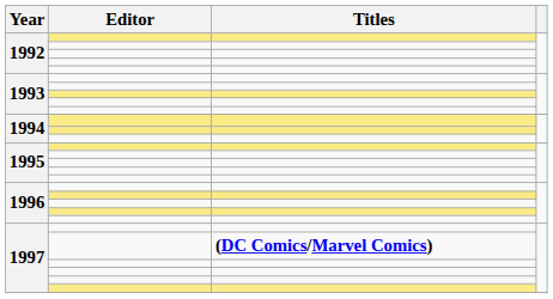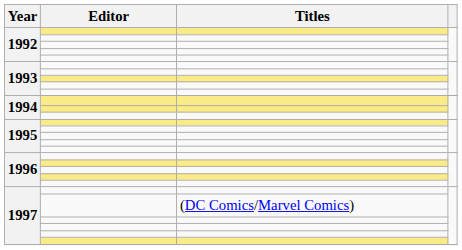 <table class="wikitable sortable" rowspan=2 style="text-align: left;" border="2" cellpadding="4">
 <tr>
 <th scope="col" style="width:8%;">Year</th>
 <th scope="col" style="width:30%;">Editor</th>
 <th scope="col" style="width:60%;">Titles</th>
 <th scope="col" style="width:2%;" class="unsortable"></th>
 </tr>
 <tr>
 <th scope="row" rowspan=5 style="text-align:center">1992</th>
 <td style="background:#FAEB86;"></td>
 <td style="background:#FAEB86;"></td>
 <td rowspan=5></td>
 </tr>
 <tr>
 <td style="background:;"></td>
 <td style="background:;"></td>
 </tr>
 <tr>
 <td style="background:;"></td>
 <td style="background:;"></td>
 </tr>
 <tr>
 <td style="background:;"></td>
 <td style="background:;"></td>
 </tr>
 <tr>
 <td style="background:;"></td>
 <td style="background:;"></td>
 </tr>
 <tr>
 <th scope="row" rowspan=5 style="text-align:center">1993</th>
 <td style="background:"></td>
 <td style="background:"></td>
 <td rowspan=5></td>
 </tr>
 <tr>
 <td style="background:;"></td>
 <td style="background:;"></td>
 </tr>
 <tr>
 <td style="background:#FAEB86;"></td>
 <td style="background:#FAEB86;"></td>
 </tr>
 <tr>
 <td style="background:;"></td>
 <td style="background:;"></td>
 </tr>
 <tr>
 <td style="background:;"></td>
 <td style="background:;"></td>
 </tr>
 <tr>
 <th scope="row" rowspan=4 style="text-align:center">1994</th>
 </tr>
 <tr>
 <td style="background:#FAEB86;"> </td>
 <td style="background:#FAEB86;"></td>
 <td rowspan=3></td>
 </tr>
 <tr>
 <td style="background:#FAEB86;"> </td>
 <td style="background:#FAEB86;"></td>
 </tr>
 <tr>
 <td style="background:;"></td>
 <td style="background:;"></td>
 </tr>
 <tr>
 <th scope="row" rowspan=5 style="text-align:center">1995</th>
 <td style="background:#FAEB86;"></td>
 <td style="background:#FAEB86;"></td>
 <td rowspan=5></td>
 </tr>
 <tr>
 <td style="background:;"></td>
 <td style="background:;"></td>
 </tr>
 <tr>
 <td style="background:;"></td>
 <td style="background:;"></td>
 </tr>
 <tr>
 <td style="background:;"></td>
 <td style="background:;"></td>
 </tr>
 <tr>
 <td style="background:;"></td>
 <td style="background:;"></td>
 </tr>
 <tr>
 <th scope="row" rowspan=5 style="text-align:center">1996</th>
 <td style="background:;"></td>
 <td style="background:;"></td>
 <td rowspan=5></td>
 </tr>
 <tr>
 <td style="background:#FAEB86;"> </td>
 <td style="background:#FAEB86;"></td>
 </tr>
 <tr>
 <td style="background:;"></td>
 <td style="background:;"></td>
 </tr>
 <tr>
 <td style="background:#FAEB86;"> </td>
 <td style="background:#FAEB86;"></td>
 </tr>
 <tr>
 <td style="background:;"></td>
 <td style="background:;"></td>
 </tr>
 <tr>
 <th scope="row" rowspan=6 style="text-align:center">1997</th>
 <td style="background:;"></td>
 <td style="background:;"></td>
 <td rowspan=6></td>
 </tr>
 <tr>
 <td style="background:;"> </td>
-<td style="background:;"><strong> (<a href='#'>DC Comics</a>/<a href='#'>Marvel Comics</a>)</strong></td>
+<td style="background:;"> (<a href='#'>DC Comics</a>/<a href='#'>Marvel Comics</a>)</td>
 </tr>
 <tr>
 <td style="background:;"></td>
 <td style="background:;"></td>
 </tr>
 <tr>
 <td style="background:;"></td>
 <td style="background:;"></td>
 </tr>
 <tr>
 <td style="background:;"></td>
 <td style="background:;"></td>
 </tr>
 <tr>
 <td style="background:#FAEB86;"></td>
 <td style="background:#FAEB86;"></td>
 </tr>
 <tr>
 </tr>
 </table>
